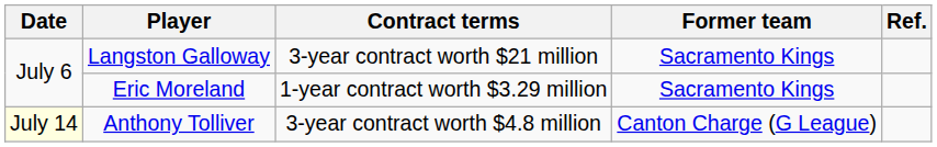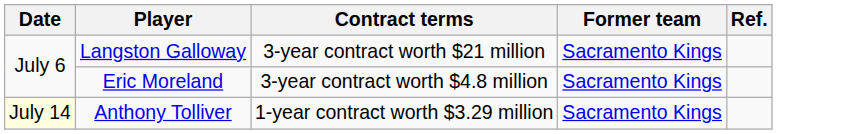 <table class="wikitable sortable sortable" style="text-align: center">
 <tr>
 <th>Date</th>
 <th>Player</th>
 <th>Contract terms</th>
 <th>Former team</th>
 <th>Ref.</th>
 </tr>
 <tr style="text-align: center">
 <td rowspan="2">July 6</td>
 <td><a href='#'>Langston Galloway</a></td>
 <td>3-year contract worth $21 million</td>
 <td><a href='#'>Sacramento Kings</a></td>
 <td></td>
 </tr>
 <tr style="text-align: center">
 <td><a href='#'>Eric Moreland</a></td>
-<td>1-year contract worth $3.29 million</td>
+<td>3-year contract worth $4.8 million</td>
 <td><a href='#'>Sacramento Kings</a></td>
 <td></td>
 </tr>
 <tr style="text-align: center">
 <td style="background: lightyellow;">July 14</td>
 <td><a href='#'>Anthony Tolliver</a></td>
-<td>3-year contract worth $4.8 million</td>
-<td><a href='#'>Canton Charge</a> (<a href='#'>G League</a>)</td>
+<td>1-year contract worth $3.29 million</td>
+<td><a href='#'>Sacramento Kings</a></td>
 <td></td>
 </tr>
 </table>
